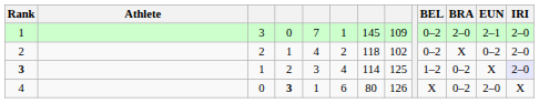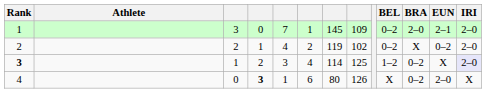 <table class="wikitable" style="text-align:center">
 <tr>
 <th>Rank</th>
 <th width=280>Athlete</th>
 <th width=30></th>
 <th width=30></th>
 <th width=30></th>
 <th width=30></th>
 <th width=30></th>
 <th width=30></th>
 <th rowspan=5></th>
 <th width=30>BEL</th>
 <th width=30>BRA</th>
 <th width=30>EUN</th>
 <th width=30>IRI</th>
 </tr>
 <tr style="background-color:#ccffcc;">
 <td>1</td>
 <td align=left></td>
 <td>3</td>
 <td>0</td>
 <td>7</td>
 <td>1</td>
 <td>145</td>
 <td>109</td>
 <td>0–2</td>
 <td>2–0</td>
 <td>2–1</td>
 <td>2–0</td>
 </tr>
 <tr>
 <td>2</td>
 <td align=left></td>
 <td>2</td>
 <td>1</td>
 <td>4</td>
 <td>2</td>
-<td>118</td>
+<td>119</td>
 <td>102</td>
 <td>0–2</td>
 <td>X</td>
 <td>0–2</td>
 <td>2–0</td>
 </tr>
 <tr>
 <td><strong>3</strong></td>
 <td align=left></td>
 <td>1</td>
 <td>2</td>
 <td>3</td>
 <td>4</td>
 <td>114</td>
 <td>125</td>
 <td>1–2</td>
 <td>0–2</td>
 <td>X</td>
 <td style="background: lavender;">2–0</td>
 </tr>
 <tr>
 <td>4</td>
 <td align=left></td>
 <td>0</td>
 <td><strong>3</strong></td>
 <td>1</td>
 <td>6</td>
 <td>80</td>
 <td>126</td>
 <td>X</td>
 <td>0–2</td>
 <td>2–0</td>
 <td>X</td>
 </tr>
 </table>
